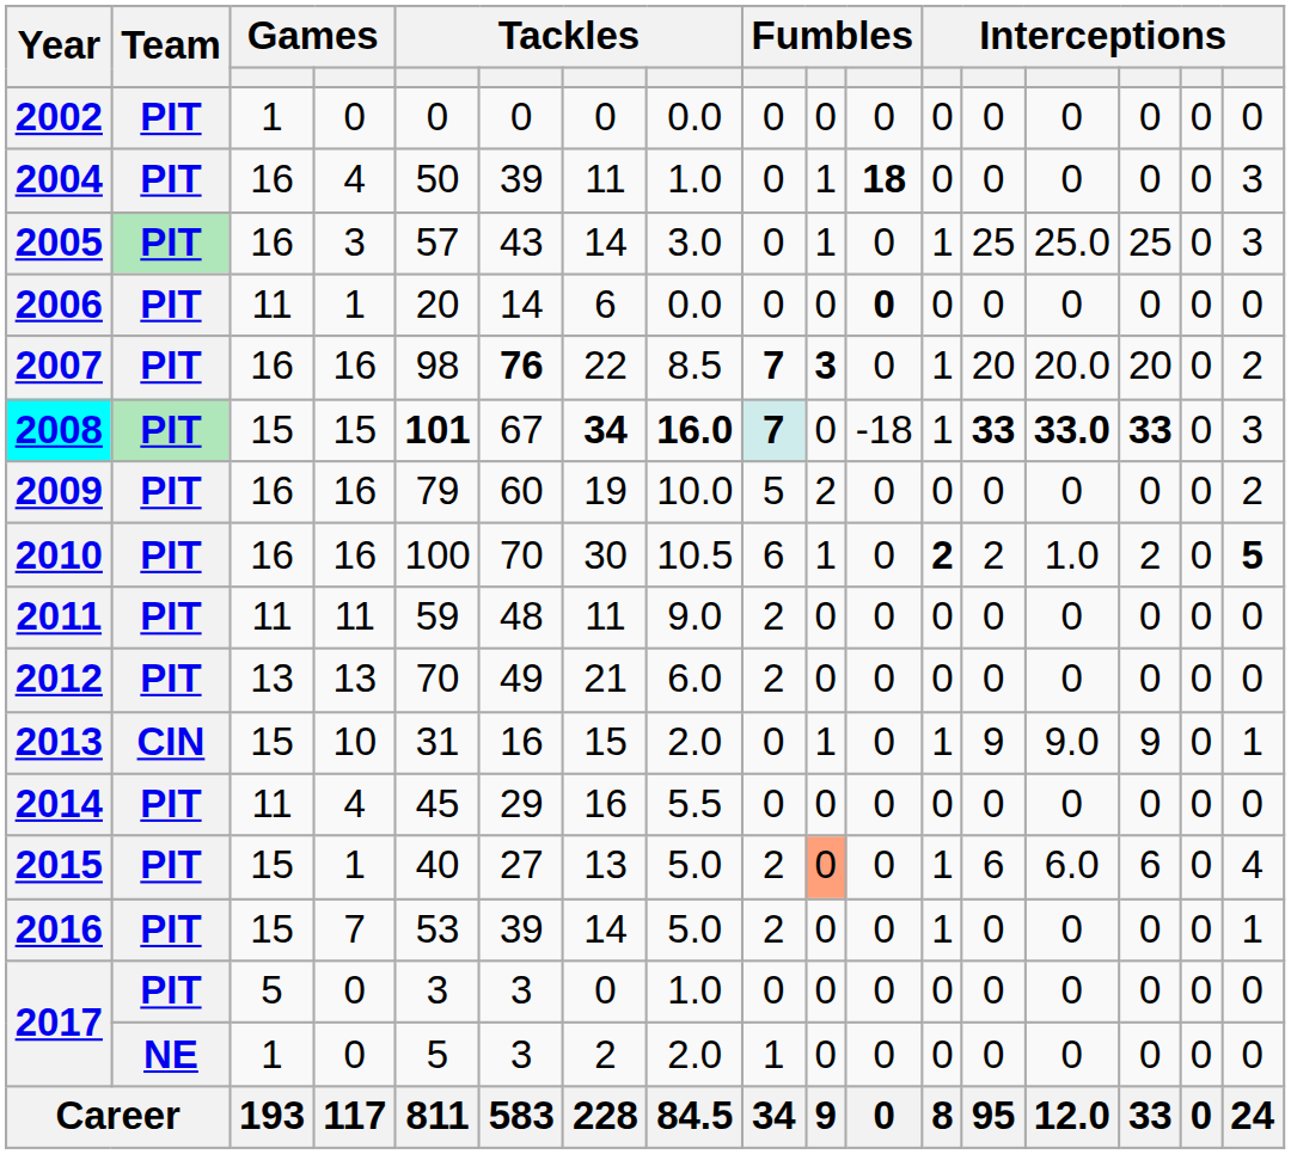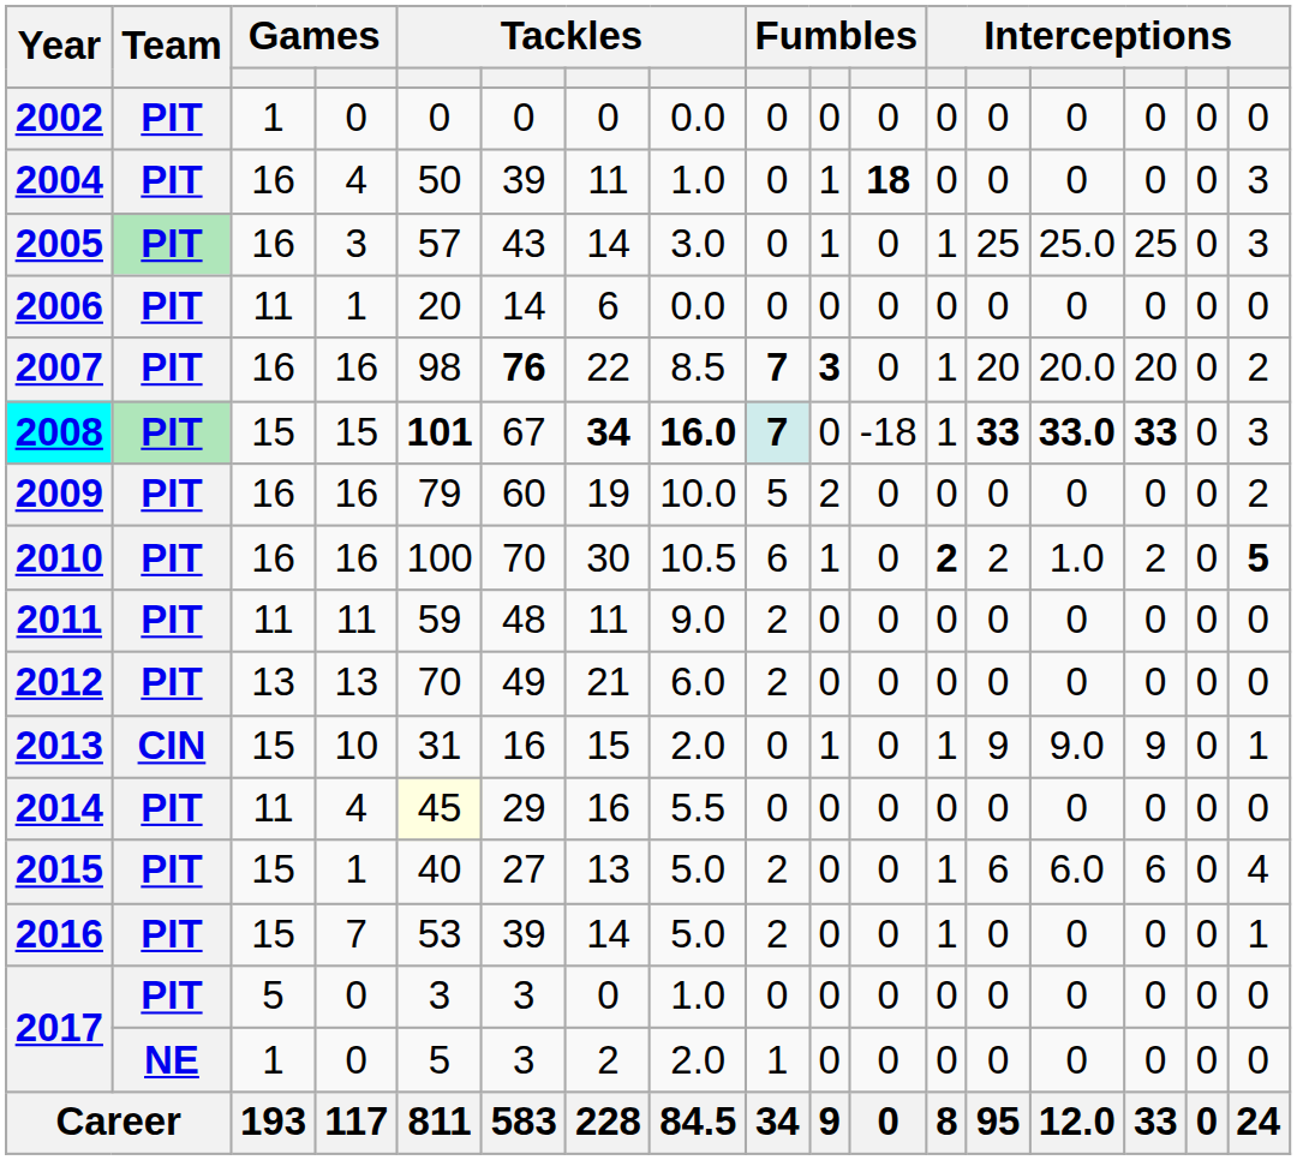 <table class="wikitable" style="text-align:center;">
 <tr>
 <th rowspan="2">Year</th>
 <th rowspan="2">Team</th>
 <th colspan="2">Games</th>
 <th colspan="4">Tackles</th>
 <th colspan="3">Fumbles</th>
 <th colspan="6">Interceptions</th>
 </tr>
 <tr>
 <th></th>
 <th></th>
 <th></th>
 <th></th>
 <th></th>
 <th></th>
 <th></th>
 <th></th>
 <th></th>
 <th></th>
 <th></th>
 <th></th>
 <th></th>
 <th></th>
 <th></th>
 </tr>
 <tr>
 <th><a href='#'>2002</a></th>
 <th><a href='#'>PIT</a></th>
 <td>1</td>
 <td>0</td>
 <td>0</td>
 <td>0</td>
 <td>0</td>
 <td>0.0</td>
 <td>0</td>
 <td>0</td>
 <td>0</td>
 <td>0</td>
 <td>0</td>
 <td>0</td>
 <td>0</td>
 <td>0</td>
 <td>0</td>
 </tr>
 <tr>
 <th><a href='#'>2004</a></th>
 <th><a href='#'>PIT</a></th>
 <td>16</td>
 <td>4</td>
 <td>50</td>
 <td>39</td>
 <td>11</td>
 <td>1.0</td>
 <td>0</td>
 <td>1</td>
 <td><strong>18</strong></td>
 <td>0</td>
 <td>0</td>
 <td>0</td>
 <td>0</td>
 <td>0</td>
 <td>3</td>
 </tr>
 <tr>
 <th><a href='#'>2005</a></th>
 <th style="background:#afe6ba"><a href='#'>PIT</a></th>
 <td>16</td>
 <td>3</td>
 <td>57</td>
 <td>43</td>
 <td>14</td>
 <td>3.0</td>
 <td>0</td>
 <td>1</td>
 <td>0</td>
 <td>1</td>
 <td>25</td>
 <td>25.0</td>
 <td>25</td>
 <td>0</td>
 <td>3</td>
 </tr>
 <tr>
 <th><a href='#'>2006</a></th>
 <th><a href='#'>PIT</a></th>
 <td>11</td>
 <td>1</td>
 <td>20</td>
 <td>14</td>
 <td>6</td>
 <td>0.0</td>
 <td>0</td>
 <td>0</td>
-<td><strong>0</strong></td>
+<td>0</td>
 <td>0</td>
 <td>0</td>
 <td>0</td>
 <td>0</td>
 <td>0</td>
 <td>0</td>
 </tr>
 <tr>
 <th><a href='#'>2007</a></th>
 <th><a href='#'>PIT</a></th>
 <td>16</td>
 <td>16</td>
 <td>98</td>
 <td><strong>76</strong></td>
 <td>22</td>
 <td>8.5</td>
 <td><strong>7</strong></td>
 <td><strong>3</strong></td>
 <td>0</td>
 <td>1</td>
 <td>20</td>
 <td>20.0</td>
 <td>20</td>
 <td>0</td>
 <td>2</td>
 </tr>
 <tr>
 <th style="background:#00FFFF;"><a href='#'>2008</a></th>
 <th style="background:#afe6ba"><a href='#'>PIT</a></th>
 <td>15</td>
 <td>15</td>
 <td><strong>101</strong></td>
 <td>67</td>
 <td><strong>34</strong></td>
 <td><strong>16.0</strong></td>
 <td style="background:#cfecec;"><strong>7</strong></td>
 <td>0</td>
 <td>-18</td>
 <td>1</td>
 <td><strong>33</strong></td>
 <td><strong>33.0</strong></td>
 <td><strong>33</strong></td>
 <td>0</td>
 <td>3</td>
 </tr>
 <tr>
 <th><a href='#'>2009</a></th>
 <th><a href='#'>PIT</a></th>
 <td>16</td>
 <td>16</td>
 <td>79</td>
 <td>60</td>
 <td>19</td>
 <td>10.0</td>
 <td>5</td>
 <td>2</td>
 <td>0</td>
 <td>0</td>
 <td>0</td>
 <td>0</td>
 <td>0</td>
 <td>0</td>
 <td>2</td>
 </tr>
 <tr>
 <th><a href='#'>2010</a></th>
 <th><a href='#'>PIT</a></th>
 <td>16</td>
 <td>16</td>
 <td>100</td>
 <td>70</td>
 <td>30</td>
 <td>10.5</td>
 <td>6</td>
 <td>1</td>
 <td>0</td>
 <td><strong>2</strong></td>
 <td>2</td>
 <td>1.0</td>
 <td>2</td>
 <td>0</td>
 <td><strong>5</strong></td>
 </tr>
 <tr>
 <th><a href='#'>2011</a></th>
 <th><a href='#'>PIT</a></th>
 <td>11</td>
 <td>11</td>
 <td>59</td>
 <td>48</td>
 <td>11</td>
 <td>9.0</td>
 <td>2</td>
 <td>0</td>
 <td>0</td>
 <td>0</td>
 <td>0</td>
 <td>0</td>
 <td>0</td>
 <td>0</td>
 <td>0</td>
 </tr>
 <tr>
 <th><a href='#'>2012</a></th>
 <th><a href='#'>PIT</a></th>
 <td>13</td>
 <td>13</td>
 <td>70</td>
 <td>49</td>
 <td>21</td>
 <td>6.0</td>
 <td>2</td>
 <td>0</td>
 <td>0</td>
 <td>0</td>
 <td>0</td>
 <td>0</td>
 <td>0</td>
 <td>0</td>
 <td>0</td>
 </tr>
 <tr>
 <th><a href='#'>2013</a></th>
 <th><a href='#'>CIN</a></th>
 <td>15</td>
 <td>10</td>
 <td>31</td>
 <td>16</td>
 <td>15</td>
 <td>2.0</td>
 <td>0</td>
 <td>1</td>
 <td>0</td>
 <td>1</td>
 <td>9</td>
 <td>9.0</td>
 <td>9</td>
 <td>0</td>
 <td>1</td>
 </tr>
 <tr>
 <th><a href='#'>2014</a></th>
 <th><a href='#'>PIT</a></th>
 <td>11</td>
 <td>4</td>
-<td>45</td>
+<td style="background: lightyellow;">45</td>
 <td>29</td>
 <td>16</td>
 <td>5.5</td>
 <td>0</td>
 <td>0</td>
 <td>0</td>
 <td>0</td>
 <td>0</td>
 <td>0</td>
 <td>0</td>
 <td>0</td>
 <td>0</td>
 </tr>
 <tr>
 <th><a href='#'>2015</a></th>
 <th><a href='#'>PIT</a></th>
 <td>15</td>
 <td>1</td>
 <td>40</td>
 <td>27</td>
 <td>13</td>
 <td>5.0</td>
 <td>2</td>
-<td style="background: lightsalmon;">0</td>
+<td>0</td>
 <td>0</td>
 <td>1</td>
 <td>6</td>
 <td>6.0</td>
 <td>6</td>
 <td>0</td>
 <td>4</td>
 </tr>
 <tr>
 <th><a href='#'>2016</a></th>
 <th><a href='#'>PIT</a></th>
 <td>15</td>
 <td>7</td>
 <td>53</td>
 <td>39</td>
 <td>14</td>
 <td>5.0</td>
 <td>2</td>
 <td>0</td>
 <td>0</td>
 <td>1</td>
 <td>0</td>
 <td>0</td>
 <td>0</td>
 <td>0</td>
 <td>1</td>
 </tr>
 <tr>
 <th rowspan="2"><a href='#'>2017</a></th>
 <th><a href='#'>PIT</a></th>
 <td>5</td>
 <td>0</td>
 <td>3</td>
 <td>3</td>
 <td>0</td>
 <td>1.0</td>
 <td>0</td>
 <td>0</td>
 <td>0</td>
 <td>0</td>
 <td>0</td>
 <td>0</td>
 <td>0</td>
 <td>0</td>
 <td>0</td>
 </tr>
 <tr>
 <th><a href='#'>NE</a></th>
 <td>1</td>
 <td>0</td>
 <td>5</td>
 <td>3</td>
 <td>2</td>
 <td>2.0</td>
 <td>1</td>
 <td>0</td>
 <td>0</td>
 <td>0</td>
 <td>0</td>
 <td>0</td>
 <td>0</td>
 <td>0</td>
 <td>0</td>
 </tr>
 <tr>
 <th colspan="2">Career</th>
 <th>193</th>
 <th>117</th>
 <th>811</th>
 <th>583</th>
 <th>228</th>
 <th>84.5</th>
 <th>34</th>
 <th>9</th>
 <th>0</th>
 <th>8</th>
 <th>95</th>
 <th>12.0</th>
 <th>33</th>
 <th>0</th>
 <th>24</th>
 </tr>
 </table>
